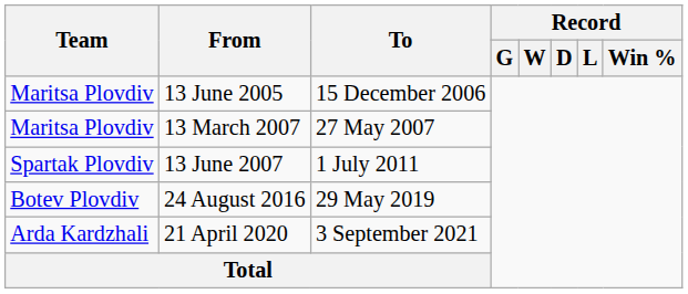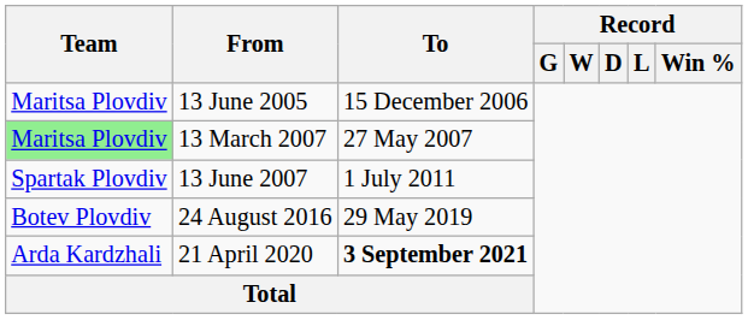 <table class="wikitable" style="text-align: center">
 <tr>
 <th rowspan="2">Team</th>
 <th rowspan="2">From</th>
 <th rowspan="2">To</th>
 <th colspan="5">Record</th>
 </tr>
 <tr>
 <th>G</th>
 <th>W</th>
 <th>D</th>
 <th>L</th>
 <th>Win %</th>
 </tr>
 <tr>
 <td align=left><a href='#'>Maritsa Plovdiv</a></td>
 <td align=left>13 June 2005</td>
 <td align=left>15 December 2006<br></td>
 </tr>
 <tr>
-<td align=left><a href='#'>Maritsa Plovdiv</a></td>
+<td align=left style="background: lightgreen;"><a href='#'>Maritsa Plovdiv</a></td>
 <td align=left>13 March 2007</td>
 <td align=left>27 May 2007<br></td>
 </tr>
 <tr>
 <td align=left><a href='#'>Spartak Plovdiv</a></td>
 <td align=left>13 June 2007</td>
 <td align=left>1 July 2011<br></td>
 </tr>
 <tr>
 <td align=left><a href='#'>Botev Plovdiv</a></td>
 <td align=left>24 August 2016</td>
 <td align=left>29 May 2019<br></td>
 </tr>
 <tr>
 <td align=left><a href='#'>Arda Kardzhali</a></td>
 <td align=left>21 April 2020</td>
-<td align=left>3 September 2021<br></td>
+<td align=left><strong>3 September 2021<br></strong></td>
 </tr>
 <tr>
 <th colspan="3">Total<br></th>
 </tr>
 </table>
